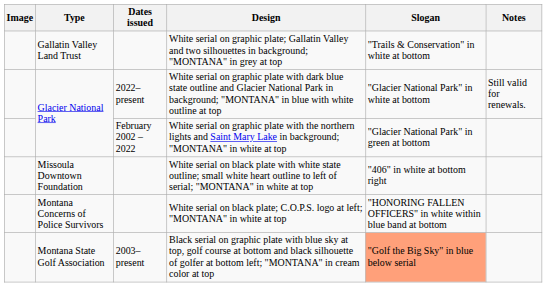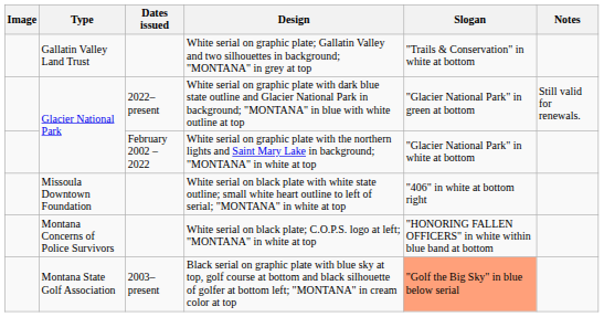 <table class="wikitable">
 <tr>
 <th>Image</th>
 <th>Type</th>
 <th>Dates issued</th>
 <th>Design</th>
 <th>Slogan</th>
 <th>Notes</th>
 </tr>
 <tr>
 <td></td>
 <td>Gallatin Valley Land Trust</td>
 <td></td>
 <td>White serial on graphic plate; Gallatin Valley and two silhouettes in background; "MONTANA" in grey at top</td>
 <td>"Trails & Conservation" in white at bottom</td>
 <td></td>
 </tr>
 <tr>
 <td></td>
 <td rowspan="2"><a href='#'>Glacier National Park</a></td>
 <td>2022–present</td>
 <td>White serial on graphic plate with dark blue state outline and Glacier National Park in background; "MONTANA" in blue with white outline at top</td>
-<td>"Glacier National Park" in white at bottom</td>
+<td>"Glacier National Park" in green at bottom</td>
 <td>Still valid for renewals.</td>
 </tr>
 <tr>
 <td></td>
 <td>February 2002 – 2022</td>
 <td>White serial on graphic plate with the northern lights and <a href='#'>Saint Mary Lake</a> in background; "MONTANA" in white at top</td>
-<td>"Glacier National Park" in green at bottom</td>
+<td>"Glacier National Park" in white at bottom</td>
 <td></td>
 </tr>
 <tr>
 <td></td>
 <td>Missoula Downtown Foundation</td>
 <td></td>
 <td>White serial on black plate with white state outline; small white heart outline to left of serial; "MONTANA" in white at top</td>
 <td>"406" in white at bottom right</td>
 <td></td>
 </tr>
 <tr>
 <td></td>
 <td>Montana Concerns of Police Survivors</td>
 <td></td>
 <td>White serial on black plate; C.O.P.S. logo at left; "MONTANA" in white at top</td>
 <td>"HONORING FALLEN OFFICERS" in white within blue band at bottom</td>
 <td></td>
 </tr>
 <tr>
 <td></td>
 <td>Montana State Golf Association</td>
 <td>2003–present</td>
 <td>Black serial on graphic plate with blue sky at top, golf course at bottom and black silhouette of golfer at bottom left; "MONTANA" in cream color at top</td>
 <td style="background: lightsalmon;">"Golf the Big Sky" in blue below serial</td>
 <td></td>
 </tr>
 </table>
